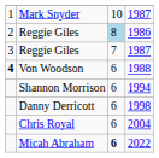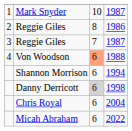 <table class="wikitable">
 <tr>
 </tr>
 <tr>
 <td>1</td>
 <td><a href='#'>Mark Snyder</a></td>
 <td>10</td>
 <td><a href='#'>1987</a></td>
 </tr>
 <tr>
 <td>2</td>
 <td>Reggie Giles</td>
-<td style="background: lightblue;">8</td>
+<td>8</td>
 <td><a href='#'>1986</a></td>
 </tr>
 <tr>
 <td>3</td>
 <td>Reggie Giles</td>
 <td>7</td>
 <td><a href='#'>1987</a></td>
 </tr>
 <tr>
-<td><strong>4</strong></td>
+<td>4</td>
 <td>Von Woodson</td>
-<td>6</td>
+<td style="background: lightsalmon;">6</td>
 <td><a href='#'>1988</a></td>
 </tr>
 <tr>
 <td></td>
 <td>Shannon Morrison</td>
 <td>6</td>
 <td><a href='#'>1994</a></td>
 </tr>
 <tr>
 <td></td>
 <td>Danny Derricott</td>
-<td>6</td>
+<td style="background: lightgrey;">6</td>
 <td><a href='#'>1998</a></td>
 </tr>
 <tr>
 <td></td>
 <td><a href='#'>Chris Royal</a></td>
 <td>6</td>
 <td><a href='#'>2004</a></td>
 </tr>
 <tr>
 <td></td>
 <td><a href='#'>Micah Abraham</a></td>
-<td><strong>6</strong></td>
+<td>6</td>
 <td><a href='#'>2022</a></td>
 </tr>
 </table>
